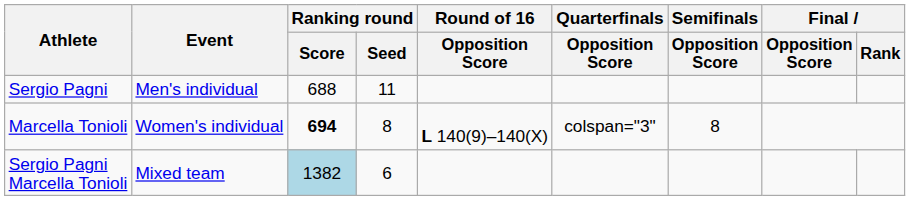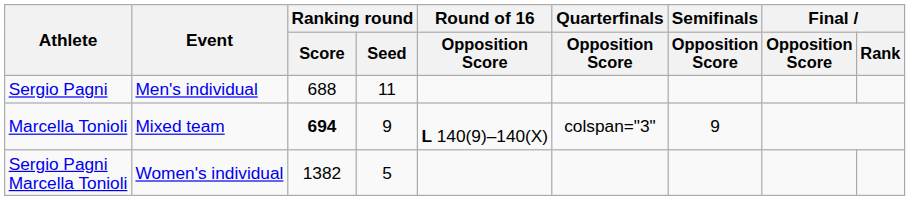 <table class="wikitable" style="text-align:center; font-size:90%">
 <tr>
 <th rowspan="2">Athlete</th>
 <th rowspan="2">Event</th>
 <th colspan="2">Ranking round</th>
 <th>Round of 16</th>
 <th>Quarterfinals</th>
 <th>Semifinals</th>
 <th colspan="2">Final / </th>
 </tr>
 <tr style="font-size:95%">
 <th>Score</th>
 <th>Seed</th>
 <th>Opposition<br>Score</th>
 <th>Opposition<br>Score</th>
 <th>Opposition<br>Score</th>
 <th>Opposition<br>Score</th>
 <th>Rank</th>
 </tr>
 <tr>
 <td align="left"><a href='#'>Sergio Pagni</a></td>
 <td align="left"><a href='#'>Men's individual</a></td>
 <td>688</td>
 <td>11</td>
 <td><br></td>
 <td></td>
 <td></td>
 <td></td>
 <td></td>
 </tr>
 <tr>
 <td align="left"><a href='#'>Marcella Tonioli</a></td>
-<td align="left"><a href='#'>Women's individual</a></td>
+<td align="left"><a href='#'>Mixed team</a></td>
 <td><strong>694</strong></td>
-<td>8</td>
+<td>9</td>
 <td><br><strong>L</strong> 140(9)–140(X)</td>
 <td>colspan="3" </td>
-<td>8</td>
+<td>9</td>
 </tr>
 <tr>
 <td align="left"><a href='#'>Sergio Pagni</a><br><a href='#'>Marcella Tonioli</a></td>
-<td align="left"><a href='#'>Mixed team</a></td>
-<td style="background: lightblue;">1382</td>
-<td>6</td>
+<td align="left"><a href='#'>Women's individual</a></td>
+<td>1382</td>
+<td>5</td>
 <td></td>
 <td></td>
 <td></td>
 <td></td>
 <td></td>
 </tr>
 </table>
